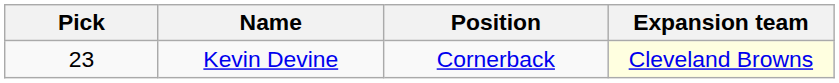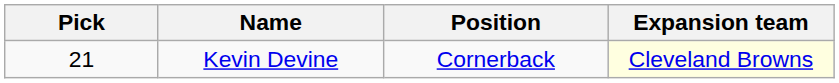 <table class="wikitable" style="text-align:center">
 <tr>
 <th width=100px>Pick</th>
 <th width=150px>Name</th>
 <th width=150px>Position</th>
 <th width=150px>Expansion team</th>
 </tr>
 <tr>
-<td>23</td>
+<td>21</td>
 <td><a href='#'>Kevin Devine</a></td>
 <td><a href='#'>Cornerback</a></td>
 <td style="background: lightyellow;"><a href='#'>Cleveland Browns</a></td>
 </tr>
 </table>
